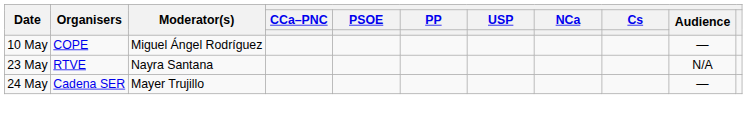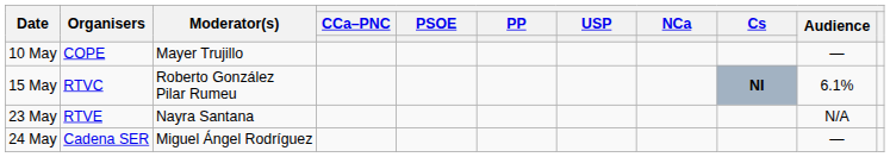 <table class="wikitable" style="text-align:center;">
 <tr>
 <th rowspan="3">Date</th>
 <th rowspan="3">Organisers</th>
 <th rowspan="3">Moderator(s)</th>
 <th colspan="8">    </th>
 </tr>
 <tr>
 <th scope="col" style="width:5em;"><a href='#'>CCa–PNC</a></th>
 <th scope="col" style="width:5em;"><a href='#'>PSOE</a></th>
 <th scope="col" style="width:5em;"><a href='#'>PP</a></th>
 <th scope="col" style="width:5em;"><a href='#'>USP</a></th>
 <th scope="col" style="width:5em;"><a href='#'>NCa</a></th>
 <th scope="col" style="width:5em;"><a href='#'>Cs</a></th>
 <th rowspan="2" scope="col" style="width:5em;">Audience</th>
 <th rowspan="2"></th>
 </tr>
 <tr>
 <th style="color:inherit;background:"></th>
 <th style="color:inherit;background:"></th>
 <th style="color:inherit;background:"></th>
 <th style="color:inherit;background:"></th>
 <th style="color:inherit;background:"></th>
 <th style="color:inherit;background:"></th>
 </tr>
 <tr>
 <td style="white-space:nowrap; text-align:left;">10 May</td>
 <td style="white-space:nowrap; text-align:left;"><a href='#'>COPE</a></td>
-<td style="white-space:nowrap; text-align:left;">Miguel Ángel Rodríguez</td>
+<td style="white-space:nowrap; text-align:left;">Mayer Trujillo</td>
 <td></td>
 <td></td>
 <td></td>
 <td></td>
 <td></td>
 <td></td>
 <td>—</td>
 <td></td>
+</tr>
+<tr>
+<td style="white-space:nowrap; text-align:left;">15 May</td>
+<td style="white-space:nowrap; text-align:left;"><a href='#'>RTVC</a></td>
+<td style="white-space:nowrap; text-align:left;">Roberto González<br>Pilar Rumeu</td>
+<td></td>
+<td></td>
+<td></td>
+<td></td>
+<td></td>
+<td style="background:#A2B2C2;"><strong>NI</strong></td>
+<td>6.1%<br></td>
+<td><br></td>
 </tr>
 <tr>
 <td style="white-space:nowrap; text-align:left;">23 May</td>
 <td style="white-space:nowrap; text-align:left;"><a href='#'>RTVE</a></td>
 <td style="white-space:nowrap; text-align:left;">Nayra Santana</td>
 <td></td>
 <td></td>
 <td></td>
 <td></td>
 <td></td>
 <td></td>
 <td>N/A</td>
 <td></td>
 </tr>
 <tr>
 <td style="white-space:nowrap; text-align:left;">24 May</td>
 <td style="white-space:nowrap; text-align:left;"><a href='#'>Cadena SER</a></td>
-<td style="white-space:nowrap; text-align:left;">Mayer Trujillo</td>
+<td style="white-space:nowrap; text-align:left;">Miguel Ángel Rodríguez</td>
 <td></td>
 <td></td>
 <td></td>
 <td></td>
 <td></td>
 <td></td>
 <td>—</td>
 <td></td>
 </tr>
 </table>
